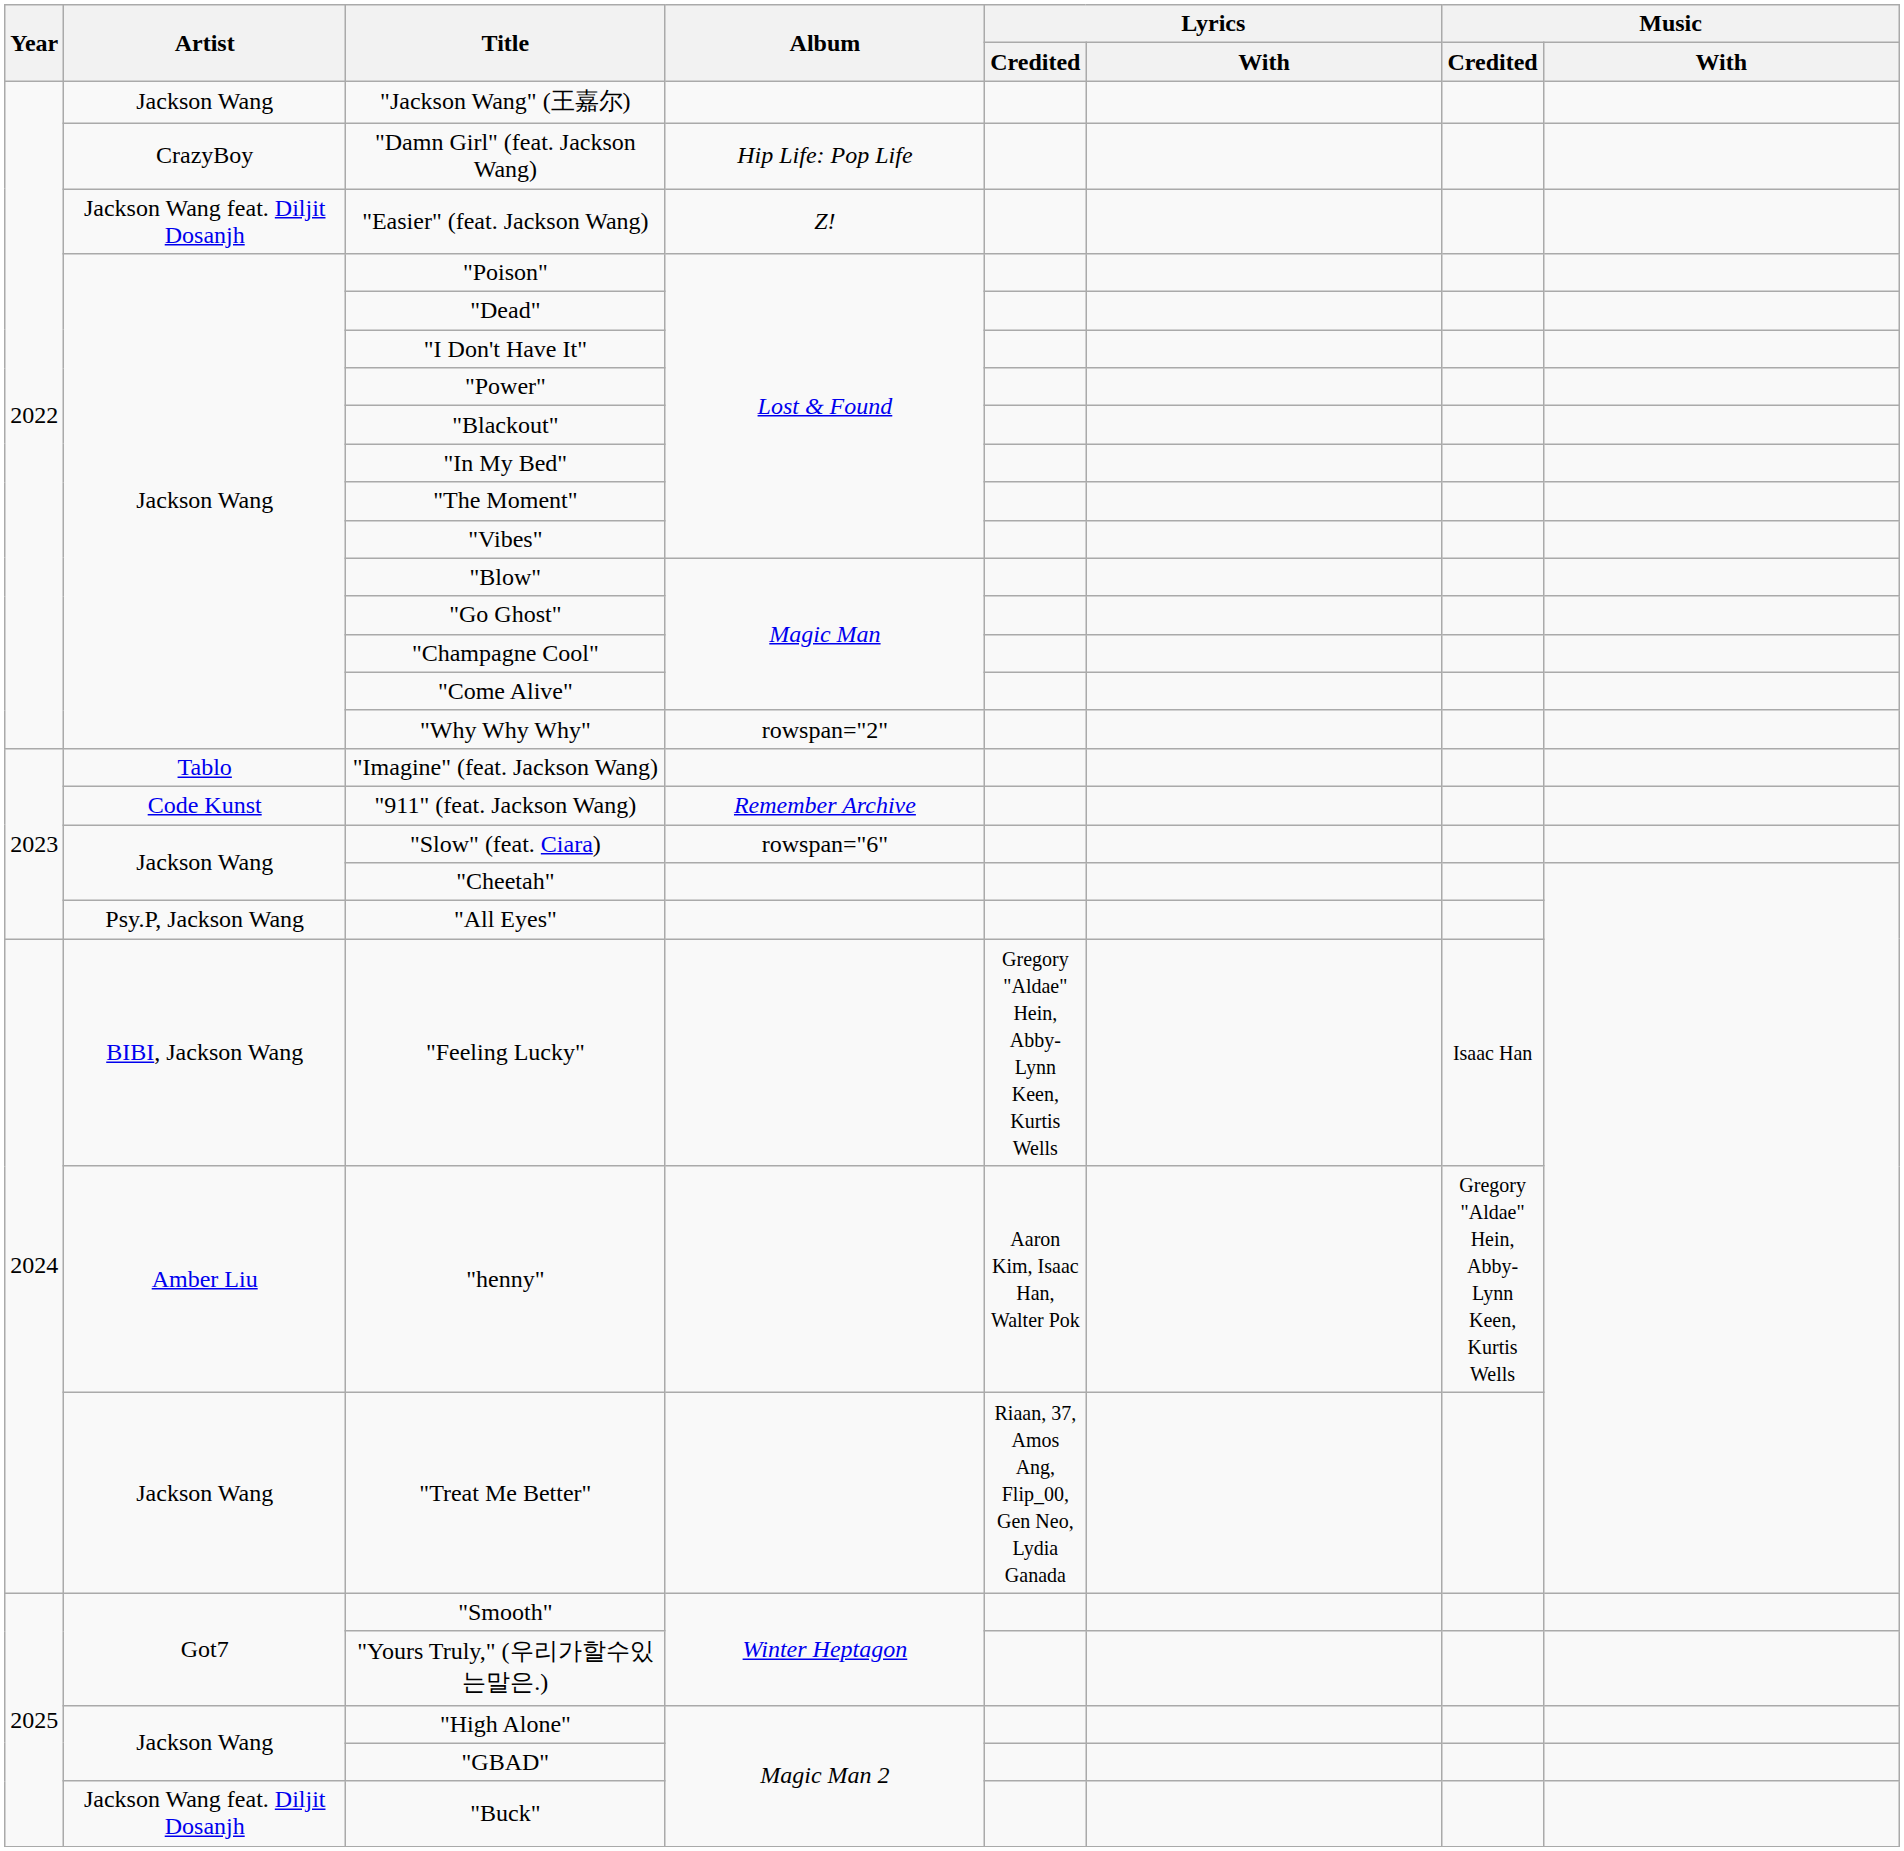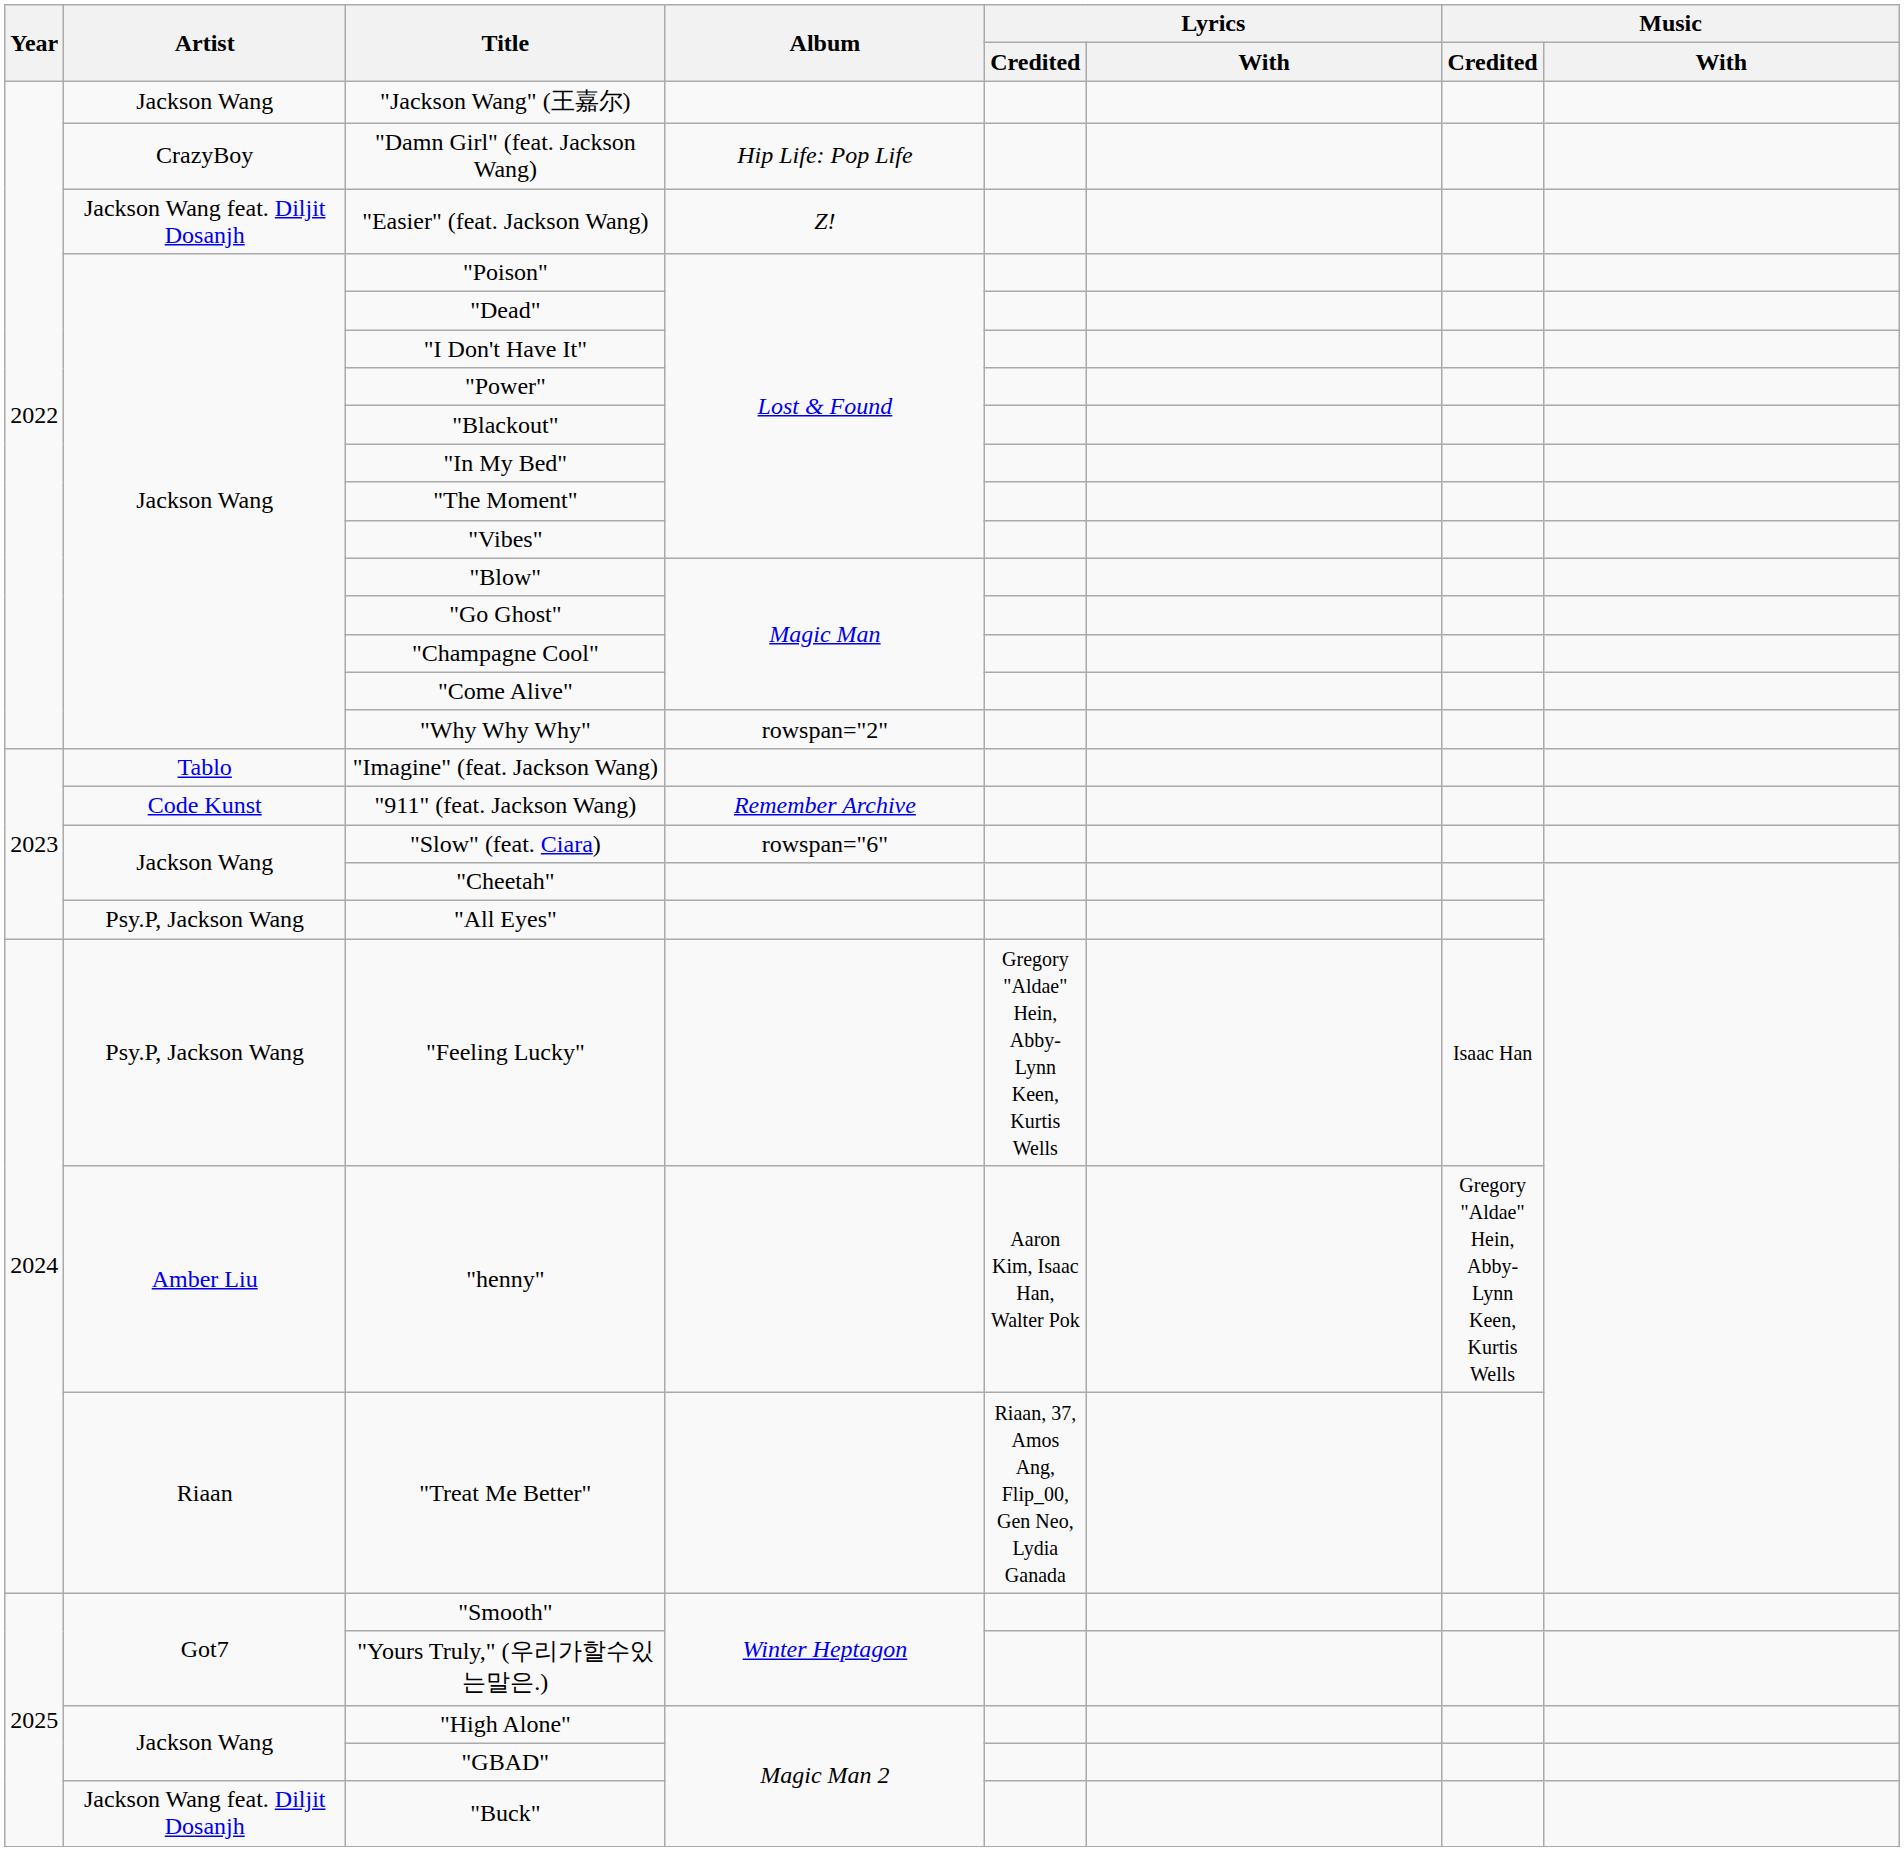 <table class="wikitable" style="text-align:center; width:100%;">
 <tr>
 <th rowspan="2" style="width:3%;">Year</th>
 <th rowspan="2" style="width:15%;">Artist</th>
 <th rowspan="2" style="width:17%;">Title</th>
 <th rowspan="2" style="width:17%;">Album</th>
 <th colspan="2" style="width:24%;">Lyrics</th>
 <th colspan="2" style="width:24%;">Music</th>
 </tr>
 <tr>
 <th style="width:5%;">Credited</th>
 <th style="width:19%;">With</th>
 <th style="width:5%;">Credited</th>
 <th style="width:19%;">With</th>
 </tr>
 <tr>
 <td rowspan="16">2022</td>
 <td>Jackson Wang</td>
 <td>"Jackson Wang" (王嘉尔)</td>
 <td></td>
 <td></td>
 <td></td>
 <td></td>
 <td></td>
 </tr>
 <tr>
 <td>CrazyBoy</td>
 <td>"Damn Girl" (feat. Jackson Wang)</td>
 <td><em>Hip Life: Pop Life</em></td>
 <td></td>
 <td></td>
 <td></td>
 <td></td>
 </tr>
 <tr>
 <td>Jackson Wang feat. <a href='#'>Diljit Dosanjh</a></td>
 <td>"Easier" (feat. Jackson Wang)</td>
 <td><em>Z!</em></td>
 <td></td>
 <td></td>
 <td></td>
 <td></td>
 </tr>
 <tr>
 <td rowspan="13">Jackson Wang</td>
 <td>"Poison"</td>
 <td rowspan="8"><a href='#'><em>Lost & Found</em></a><em></em></td>
 <td></td>
 <td></td>
 <td></td>
 <td></td>
 </tr>
 <tr>
 <td>"Dead"</td>
 <td></td>
 <td></td>
 <td></td>
 <td></td>
 </tr>
 <tr>
 <td>"I Don't Have It"</td>
 <td></td>
 <td></td>
 <td></td>
 <td></td>
 </tr>
 <tr>
 <td>"Power"</td>
 <td></td>
 <td></td>
 <td></td>
 <td></td>
 </tr>
 <tr>
 <td>"Blackout"</td>
 <td></td>
 <td></td>
 <td></td>
 <td></td>
 </tr>
 <tr>
 <td>"In My Bed"</td>
 <td></td>
 <td></td>
 <td></td>
 <td></td>
 </tr>
 <tr>
 <td>"The Moment"</td>
 <td></td>
 <td></td>
 <td></td>
 <td></td>
 </tr>
 <tr>
 <td>"Vibes"</td>
 <td></td>
 <td></td>
 <td></td>
 <td></td>
 </tr>
 <tr>
 <td>"Blow"</td>
 <td rowspan="4"><em><a href='#'>Magic Man</a></em></td>
 <td></td>
 <td></td>
 <td></td>
 <td></td>
 </tr>
 <tr>
 <td>"Go Ghost"</td>
 <td></td>
 <td></td>
 <td></td>
 <td></td>
 </tr>
 <tr>
 <td>"Champagne Cool"</td>
 <td></td>
 <td></td>
 <td></td>
 <td></td>
 </tr>
 <tr>
 <td>"Come Alive"</td>
 <td></td>
 <td></td>
 <td></td>
 <td></td>
 </tr>
 <tr>
 <td>"Why Why Why"</td>
 <td>rowspan="2" </td>
 <td></td>
 <td></td>
 <td></td>
 <td></td>
 </tr>
 <tr>
 <td rowspan="5">2023</td>
 <td><a href='#'>Tablo</a></td>
 <td>"Imagine" (feat. Jackson Wang)</td>
 <td></td>
 <td></td>
 <td></td>
 <td></td>
 </tr>
 <tr>
 <td><a href='#'>Code Kunst</a></td>
 <td>"911" (feat. Jackson Wang)</td>
 <td><em><a href='#'>Remember Archive</a></em></td>
 <td></td>
 <td></td>
 <td></td>
 <td></td>
 </tr>
 <tr>
 <td rowspan="2">Jackson Wang</td>
 <td>"Slow" (feat. <a href='#'>Ciara</a>)</td>
 <td>rowspan="6" </td>
 <td></td>
 <td></td>
 <td></td>
 <td></td>
 </tr>
 <tr>
 <td>"Cheetah"</td>
 <td></td>
 <td></td>
 <td></td>
 <td></td>
 </tr>
 <tr>
 <td>Psy.P, Jackson Wang</td>
 <td>"All Eyes"</td>
 <td></td>
 <td></td>
 <td></td>
 <td></td>
 </tr>
 <tr>
 <td rowspan="3">2024</td>
-<td><a href='#'>BIBI</a>, Jackson Wang</td>
+<td>Psy.P, Jackson Wang</td>
 <td>"Feeling Lucky"</td>
 <td></td>
 <td><small>Gregory "Aldae" Hein, Abby-Lynn Keen, Kurtis Wells</small></td>
 <td></td>
 <td><small>Isaac Han</small></td>
 </tr>
 <tr>
 <td><a href='#'>Amber Liu</a></td>
 <td>"henny"</td>
 <td></td>
 <td><small>Aaron Kim, Isaac Han, Walter Pok</small></td>
 <td></td>
 <td><small>Gregory "Aldae" Hein, Abby-Lynn Keen, Kurtis Wells</small></td>
 </tr>
 <tr>
-<td>Jackson Wang</td>
+<td>Riaan</td>
 <td>"Treat Me Better"</td>
 <td></td>
 <td><small>Riaan, 37, Amos Ang, Flip_00, Gen Neo, Lydia Ganada</small></td>
 <td></td>
 <td></td>
 </tr>
 <tr>
 <td rowspan="5">2025</td>
 <td rowspan=2>Got7</td>
 <td>"Smooth"</td>
 <td rowspan=2><em><a href='#'>Winter Heptagon</a></em></td>
 <td></td>
 <td></td>
 <td></td>
 <td></td>
 </tr>
 <tr>
 <td>"Yours Truly," (우리가할수있는말은.)</td>
 <td></td>
 <td></td>
 <td></td>
 <td></td>
 </tr>
 <tr>
 <td rowspan="2">Jackson Wang</td>
 <td>"High Alone"</td>
 <td rowspan="3"><em>Magic Man 2</em></td>
 <td></td>
 <td></td>
 <td></td>
 <td></td>
 </tr>
 <tr>
 <td>"GBAD"</td>
 <td></td>
 <td></td>
 <td></td>
 <td></td>
 </tr>
 <tr>
 <td>Jackson Wang feat. <a href='#'>Diljit Dosanjh</a></td>
 <td>"Buck"</td>
 <td></td>
 <td></td>
 <td></td>
 <td></td>
 </tr>
 <tr>
 </tr>
 </table>
